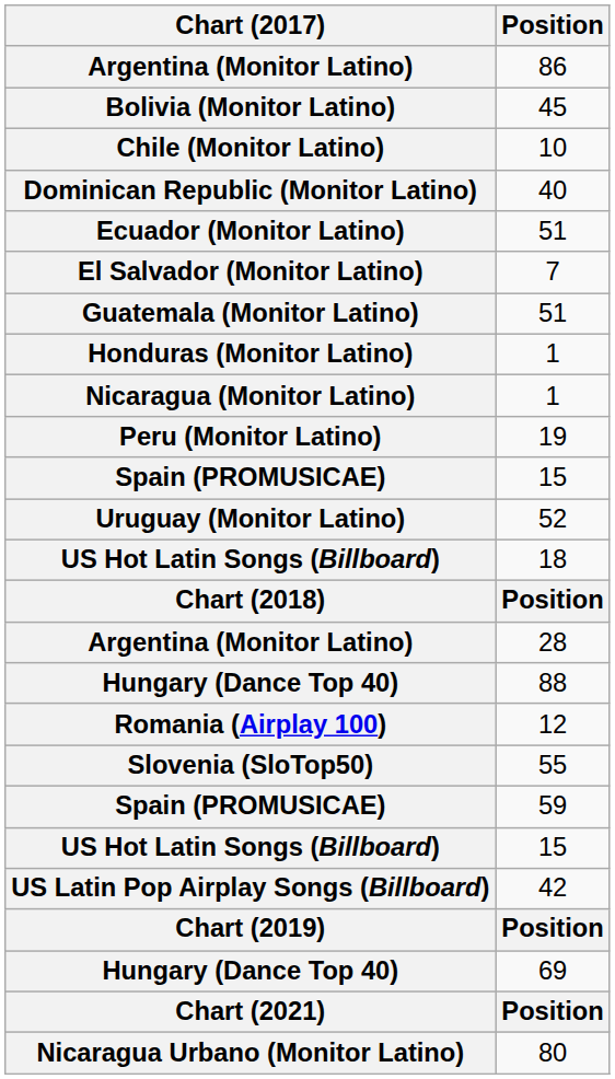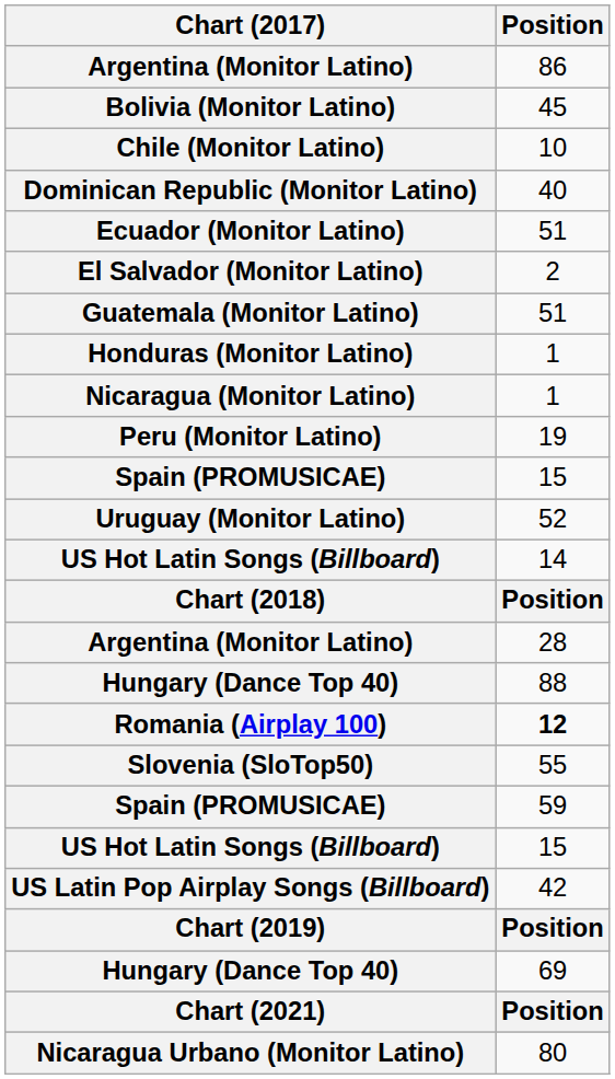 <table class="wikitable plainrowheaders sortable" style="text-align:center">
 <tr>
 <th scope="col">Chart (2017)</th>
 <th scope="col">Position</th>
 </tr>
 <tr>
 <th scope="row">Argentina (Monitor Latino)</th>
 <td>86</td>
 </tr>
 <tr>
 <th scope="row">Bolivia (Monitor Latino)</th>
 <td>45</td>
 </tr>
 <tr>
 <th scope="row">Chile (Monitor Latino)</th>
 <td>10</td>
 </tr>
 <tr>
 <th scope="row">Dominican Republic (Monitor Latino)</th>
 <td>40</td>
 </tr>
 <tr>
 <th scope="row">Ecuador (Monitor Latino)</th>
 <td>51</td>
 </tr>
 <tr>
 <th scope="row">El Salvador (Monitor Latino)</th>
-<td>7</td>
+<td>2</td>
 </tr>
 <tr>
 <th scope="row">Guatemala (Monitor Latino)</th>
 <td>51</td>
 </tr>
 <tr>
 <th scope="row">Honduras (Monitor Latino)</th>
 <td>1</td>
 </tr>
 <tr>
 <th scope="row">Nicaragua (Monitor Latino)</th>
 <td>1</td>
 </tr>
 <tr>
 <th scope="row">Peru (Monitor Latino)</th>
 <td>19</td>
 </tr>
 <tr>
 <th scope="row">Spain (PROMUSICAE)</th>
 <td>15</td>
 </tr>
 <tr>
 <th scope="row">Uruguay (Monitor Latino)</th>
 <td>52</td>
 </tr>
 <tr>
 <th scope="row">US Hot Latin Songs (<em>Billboard</em>)</th>
-<td>18</td>
+<td>14</td>
 </tr>
 <tr>
 <th scope="col">Chart (2018)</th>
 <th scope="col">Position</th>
 </tr>
 <tr>
 <th scope="row">Argentina (Monitor Latino)</th>
 <td>28</td>
 </tr>
 <tr>
 <th scope="row">Hungary (Dance Top 40)</th>
 <td>88</td>
 </tr>
 <tr>
 <th scope="row">Romania (<a href='#'>Airplay 100</a>)</th>
-<td>12</td>
+<td><strong>12</strong></td>
 </tr>
 <tr>
 <th scope="row">Slovenia (SloTop50)</th>
 <td>55</td>
 </tr>
 <tr>
 <th scope="row">Spain (PROMUSICAE)</th>
 <td>59</td>
 </tr>
 <tr>
 <th scope="row">US Hot Latin Songs (<em>Billboard</em>)</th>
 <td>15</td>
 </tr>
 <tr>
 <th scope="row">US Latin Pop Airplay Songs (<em>Billboard</em>)</th>
 <td>42</td>
 </tr>
 <tr>
 <th scope="col">Chart (2019)</th>
 <th scope="col">Position</th>
 </tr>
 <tr>
 <th scope="row">Hungary (Dance Top 40)</th>
 <td>69</td>
 </tr>
 <tr>
 <th scope="col">Chart (2021)</th>
 <th scope="col">Position</th>
 </tr>
 <tr>
 <th scope="row">Nicaragua Urbano (Monitor Latino)</th>
 <td>80</td>
 </tr>
 <tr>
 </tr>
 </table>
